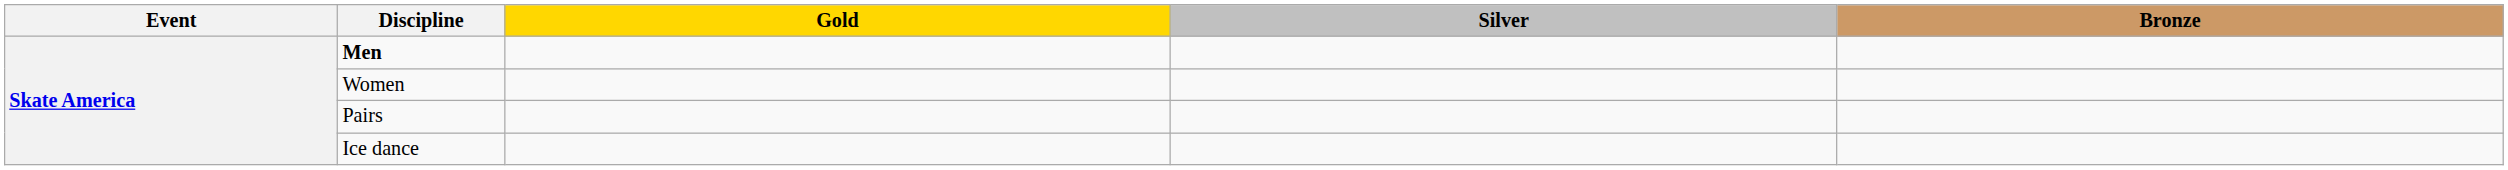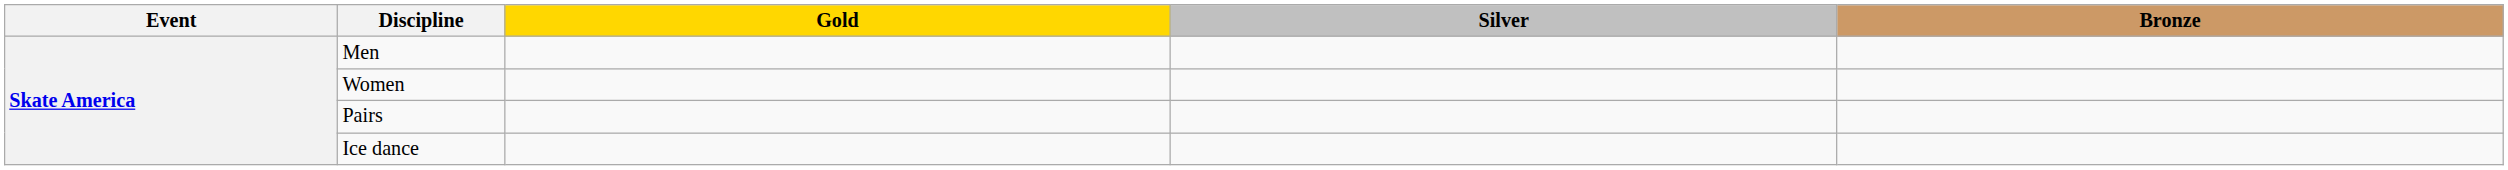 <table class="wikitable unsortable" style="text-align:left; width:100%">
 <tr>
 <th scope="col" style="width:10%">Event</th>
 <th scope="col" style="width:5%">Discipline</th>
 <td scope="col" style="text-align:center; width:20%; background:gold"><strong>Gold</strong></td>
 <td scope="col" style="text-align:center; width:20%; background:silver"><strong>Silver</strong></td>
 <td scope="col" style="text-align:center; width:20%; background:#c96"><strong>Bronze</strong></td>
 </tr>
 <tr>
 <th scope="row" style="text-align:left" rowspan="4"> <a href='#'>Skate America</a></th>
-<td><strong>Men</strong></td>
+<td>Men</td>
 <td></td>
 <td></td>
 <td></td>
 </tr>
 <tr>
 <td>Women</td>
 <td></td>
 <td></td>
 <td></td>
 </tr>
 <tr>
 <td>Pairs</td>
 <td></td>
 <td></td>
 <td></td>
 </tr>
 <tr>
 <td>Ice dance</td>
 <td></td>
 <td></td>
 <td></td>
 </tr>
 </table>
